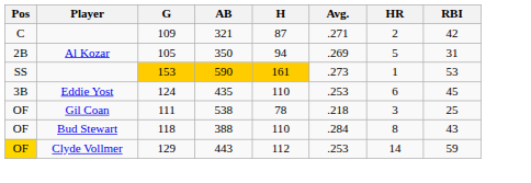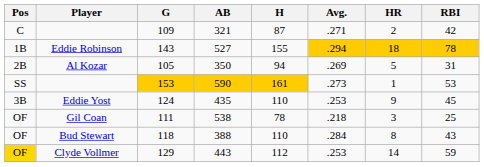 <table class="wikitable sortable">
 <tr>
 <th bgcolor="#DDDDFF" width="5%">Pos</th>
 <th bgcolor="#DDDDFF" width="16%">Player</th>
 <th bgcolor="#DDDDFF" width="9%">G</th>
 <th bgcolor="#DDDDFF" width="9%">AB</th>
 <th bgcolor="#DDDDFF" width="9%">H</th>
 <th bgcolor="#DDDDFF" width="9%">Avg.</th>
 <th bgcolor="#DDDDFF" width="9%">HR</th>
 <th bgcolor="#DDDDFF" width="9%">RBI</th>
 </tr>
 <tr align="center">
 <td>C</td>
 <td></td>
 <td>109</td>
 <td>321</td>
 <td>87</td>
 <td>.271</td>
 <td>2</td>
 <td>42</td>
+</tr>
+<tr align="center">
+<td>1B</td>
+<td><a href='#'>Eddie Robinson</a></td>
+<td>143</td>
+<td>527</td>
+<td>155</td>
+<td style="background:#fc0;">.294</td>
+<td style="background:#fc0;">18</td>
+<td style="background:#fc0;">78</td>
 </tr>
 <tr align=center>
 <td>2B</td>
 <td><a href='#'>Al Kozar</a></td>
 <td>105</td>
 <td>350</td>
 <td>94</td>
 <td>.269</td>
 <td>5</td>
 <td>31</td>
 </tr>
 <tr align=center>
 <td>SS</td>
 <td></td>
 <td style="background:#fc0;">153</td>
 <td style="background:#fc0;">590</td>
 <td style="background:#fc0;">161</td>
 <td>.273</td>
 <td>1</td>
 <td>53</td>
 </tr>
 <tr align="center">
 <td>3B</td>
 <td><a href='#'>Eddie Yost</a></td>
 <td>124</td>
 <td>435</td>
 <td>110</td>
 <td>.253</td>
-<td>6</td>
+<td>9</td>
 <td>45</td>
 </tr>
 <tr align=center>
 <td>OF</td>
 <td><a href='#'>Gil Coan</a></td>
 <td>111</td>
 <td>538</td>
 <td>78</td>
 <td>.218</td>
 <td>3</td>
 <td>25</td>
 </tr>
 <tr align=center>
 <td>OF</td>
 <td><a href='#'>Bud Stewart</a></td>
 <td>118</td>
 <td>388</td>
 <td>110</td>
 <td>.284</td>
 <td>8</td>
 <td>43</td>
 </tr>
 <tr align=center>
 <td style="background: gold;">OF</td>
 <td><a href='#'>Clyde Vollmer</a></td>
 <td>129</td>
 <td>443</td>
 <td>112</td>
 <td>.253</td>
 <td>14</td>
 <td>59</td>
 </tr>
 </table>
